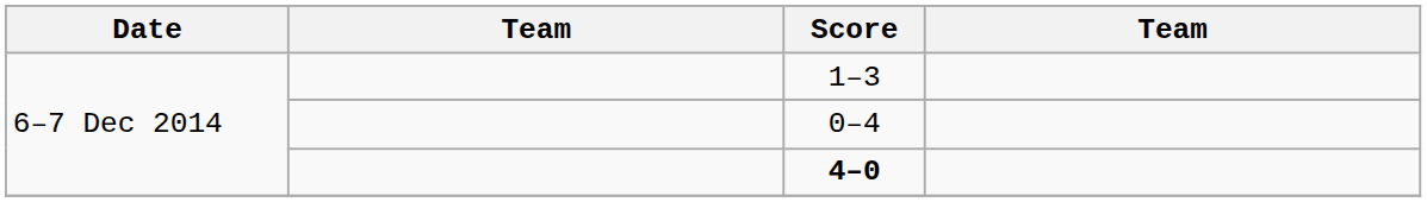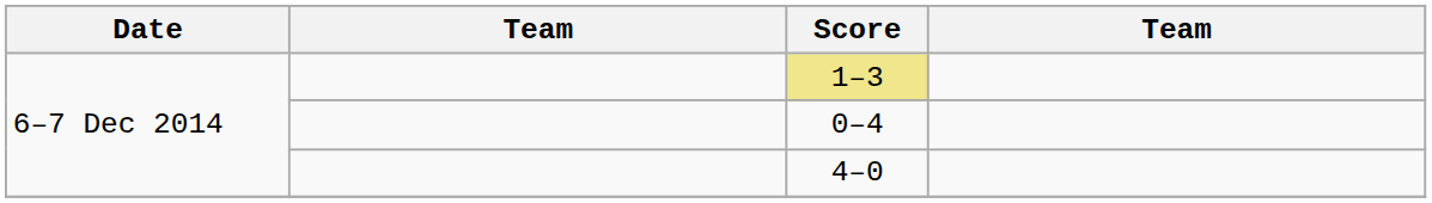 <table class="wikitable" width=50%>
 <tr>
 <th width=20%>Date</th>
 <th width=35%>Team</th>
 <th width=10%>Score</th>
 <th width=35%>Team</th>
 </tr>
 <tr>
 <td rowspan="3">6–7 Dec 2014</td>
 <td style="text-align:right;"></td>
-<td style="text-align:center;">1–3</td>
+<td style="background: khaki; text-align:center;">1–3</td>
 <td></td>
 </tr>
 <tr>
 <td style="text-align:right;"></td>
 <td style="text-align:center;">0–4</td>
 <td></td>
 </tr>
 <tr>
 <td style="text-align:right;"></td>
-<td style="text-align:center;"><strong>4–0</strong></td>
+<td style="text-align:center;">4–0</td>
 <td></td>
 </tr>
 <tr>
 </tr>
 </table>
